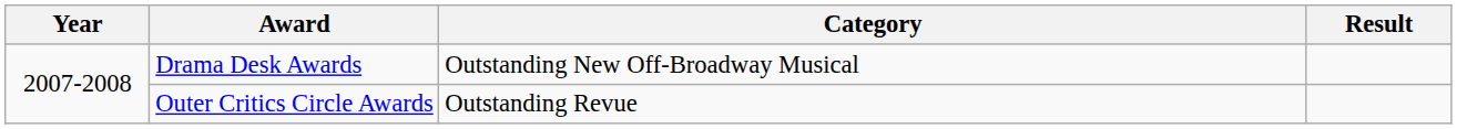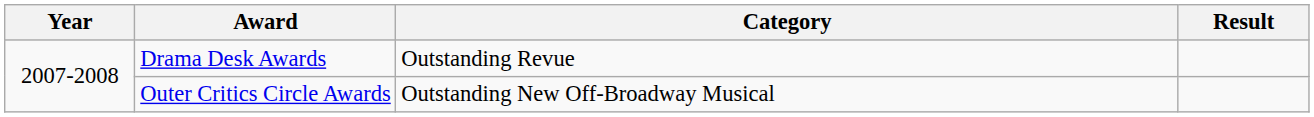 <table class="wikitable">
 <tr>
 <th scope="col" style="width:10%;">Year</th>
 <th scope="col" style="width:20%;">Award</th>
 <th scope="col" style="width:60%;">Category</th>
 <th scope="col" style="width:10%;">Result</th>
 </tr>
 <tr>
 <td rowspan="2" style="text-align:center;">2007-2008</td>
 <td><a href='#'>Drama Desk Awards</a></td>
-<td>Outstanding New Off-Broadway Musical</td>
+<td>Outstanding Revue</td>
 <td></td>
 </tr>
 <tr>
 <td><a href='#'>Outer Critics Circle Awards</a></td>
-<td>Outstanding Revue</td>
+<td>Outstanding New Off-Broadway Musical</td>
 <td></td>
 </tr>
 </table>
